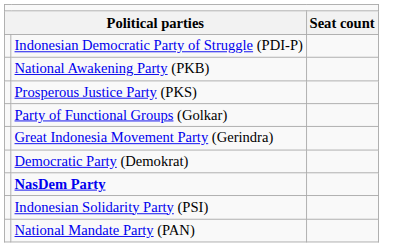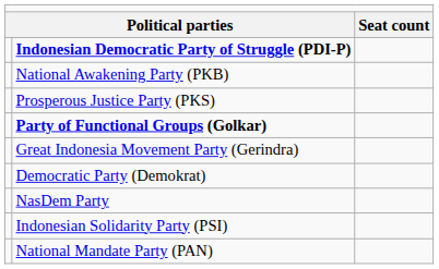 <table class="wikitable">
 <tr>
 <td colspan="4"></td>
 </tr>
 <tr>
 <th colspan="2">Political parties</th>
 <th>Seat count</th>
 </tr>
 <tr>
 <td bgcolor=></td>
-<td><a href='#'>Indonesian Democratic Party of Struggle</a> (PDI-P)</td>
+<td><strong><a href='#'>Indonesian Democratic Party of Struggle</a> (PDI-P)</strong></td>
 <td></td>
 </tr>
 <tr>
 <td bgcolor=></td>
 <td><a href='#'>National Awakening Party</a> (PKB)</td>
 <td></td>
 </tr>
 <tr>
 <td bgcolor=></td>
 <td><a href='#'>Prosperous Justice Party</a> (PKS)</td>
 <td></td>
 </tr>
 <tr>
 <td bgcolor=></td>
-<td><a href='#'>Party of Functional Groups</a> (Golkar)</td>
+<td><strong><a href='#'>Party of Functional Groups</a> (Golkar)</strong></td>
 <td></td>
 </tr>
 <tr>
 <td bgcolor=></td>
 <td><a href='#'>Great Indonesia Movement Party</a> (Gerindra)</td>
 <td></td>
 </tr>
 <tr>
 <td bgcolor=></td>
 <td><a href='#'>Democratic Party</a> (Demokrat)</td>
 <td></td>
 </tr>
 <tr>
 <td bgcolor=></td>
-<td><strong><a href='#'>NasDem Party</a></strong></td>
+<td><a href='#'>NasDem Party</a></td>
 <td></td>
 </tr>
 <tr>
 <td bgcolor=></td>
 <td><a href='#'>Indonesian Solidarity Party</a> (PSI)</td>
 <td></td>
 </tr>
 <tr>
 <td bgcolor=></td>
 <td><a href='#'>National Mandate Party</a> (PAN)</td>
 <td></td>
 </tr>
 </table>
